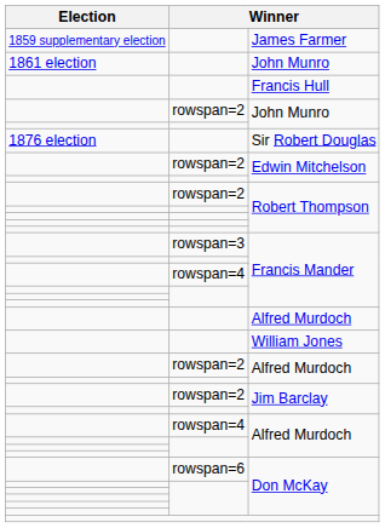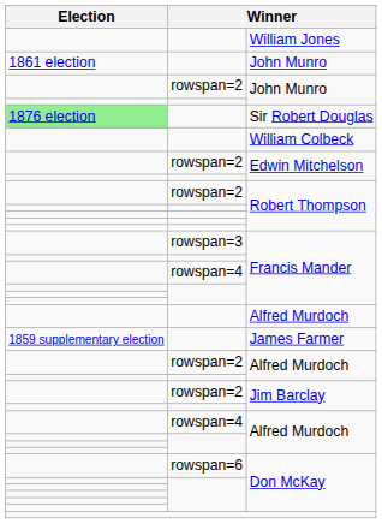 <table class="wikitable">
 <tr>
 <th>Election</th>
 <th width=175 colspan=2>Winner</th>
 </tr>
 <tr>
-<td><small><a href='#'>1859 supplementary election</a></small></td>
 <td></td>
-<td><a href='#'>James Farmer</a></td>
+<td></td>
+<td><a href='#'>William Jones</a></td>
 </tr>
 <tr>
 <td><a href='#'>1861 election</a></td>
 <td></td>
 <td><a href='#'>John Munro</a></td>
-</tr>
-<tr>
-<td></td>
-<td></td>
-<td><a href='#'>Francis Hull</a></td>
 </tr>
 <tr>
 <td></td>
 <td>rowspan=2 </td>
 <td rowspan=2>John Munro</td>
 </tr>
 <tr>
 <td></td>
 </tr>
 <tr>
-<td><a href='#'>1876 election</a></td>
+<td style="background: lightgreen;"><a href='#'>1876 election</a></td>
 <td></td>
 <td>Sir <a href='#'>Robert Douglas</a></td>
+</tr>
+<tr>
+<td></td>
+<td></td>
+<td><a href='#'>William Colbeck</a></td>
 </tr>
 <tr>
 <td></td>
 <td>rowspan=2 </td>
 <td rowspan=2><a href='#'>Edwin Mitchelson</a></td>
 </tr>
 <tr>
 <td></td>
 </tr>
 <tr>
 <td></td>
 <td>rowspan=2 </td>
 <td rowspan=5><a href='#'>Robert Thompson</a></td>
 </tr>
 <tr>
 <td></td>
 </tr>
 <tr>
 <td></td>
 <td></td>
 </tr>
 <tr>
 <td></td>
 <td></td>
 </tr>
 <tr>
 <td></td>
 <td></td>
 </tr>
 <tr>
 <td></td>
 <td>rowspan=3 </td>
 <td rowspan=7><a href='#'>Francis Mander</a></td>
 </tr>
 <tr>
 <td></td>
 </tr>
 <tr>
 <td height=18 rowspan=2></td>
 </tr>
 <tr>
 <td>rowspan=4 </td>
 </tr>
 <tr>
 <td></td>
 </tr>
 <tr>
 <td></td>
 </tr>
 <tr>
 <td></td>
 </tr>
 <tr>
 <td></td>
 <td></td>
 <td><a href='#'>Alfred Murdoch</a></td>
 </tr>
 <tr>
+<td><small><a href='#'>1859 supplementary election</a></small></td>
 <td></td>
-<td></td>
-<td><a href='#'>William Jones</a></td>
+<td><a href='#'>James Farmer</a></td>
 </tr>
 <tr>
 <td></td>
 <td>rowspan=2 </td>
 <td rowspan=2>Alfred Murdoch</td>
 </tr>
 <tr>
 <td></td>
 </tr>
 <tr>
 <td></td>
 <td>rowspan=2 </td>
 <td rowspan=2><a href='#'>Jim Barclay</a></td>
 </tr>
 <tr>
 <td></td>
 </tr>
 <tr>
 <td></td>
 <td>rowspan=4 </td>
 <td rowspan=4>Alfred Murdoch</td>
 </tr>
 <tr>
 <td></td>
 </tr>
 <tr>
 <td></td>
 </tr>
 <tr>
 <td></td>
 </tr>
 <tr>
 <td></td>
 <td>rowspan=6 </td>
 <td rowspan=6><a href='#'>Don McKay</a></td>
 </tr>
 <tr>
 <td></td>
 </tr>
 <tr>
 <td></td>
 </tr>
 <tr>
 <td></td>
 </tr>
 <tr>
 <td></td>
 </tr>
 <tr>
 <td></td>
 </tr>
 <tr>
 <td colspan=3 align=center></td>
 </tr>
 </table>
